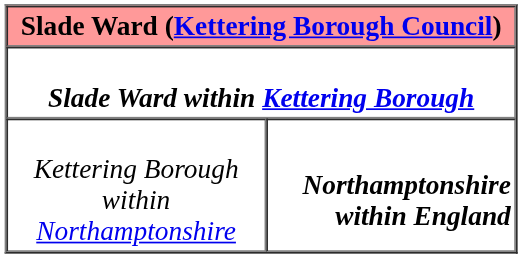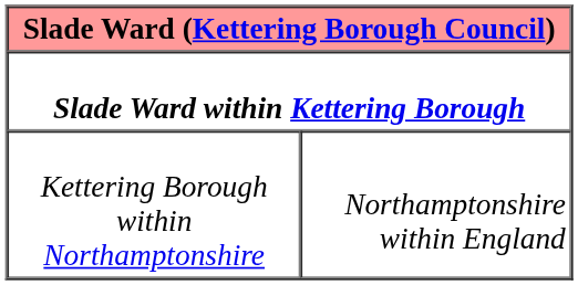 <table border=1 cellpadding="2" cellspacing="0" align="right" width=300>
 <tr>
 <th colspan=2 align=center bgcolor="#ff9999">Slade Ward (<a href='#'>Kettering Borough Council</a>)</th>
 </tr>
 <tr>
 <th colspan=2 alignn=center><br><em>Slade Ward within <a href='#'>Kettering Borough</a></em></th>
 </tr>
 <tr>
 <td align=center><br><em>Kettering Borough within <a href='#'>Northamptonshire</a></em></td>
-<td align=right><strong><br><em>Northamptonshire within England</em></strong></td>
+<td align=right><br><em>Northamptonshire within England</em></td>
 </tr>
 </table>
